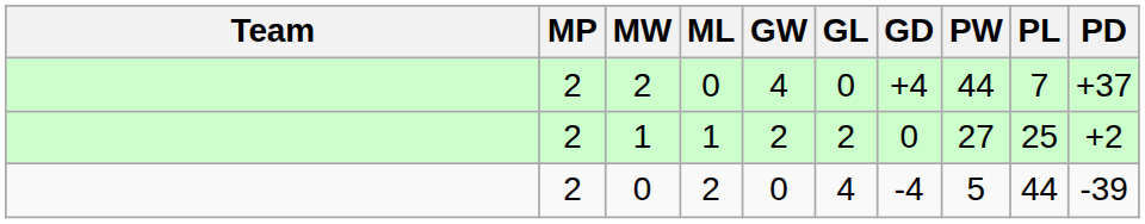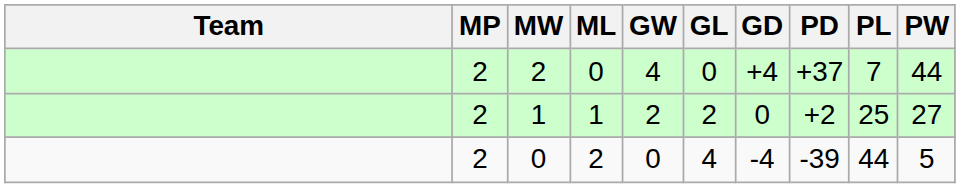 <table class=wikitable style="text-align:center">
 <tr>
 <th width=250>Team</th>
 <th width=20>MP</th>
 <th width=20>MW</th>
 <th width=20>ML</th>
 <th width=20>GW</th>
 <th width=20>GL</th>
 <th width=20>GD</th>
+<th width=20>PD</th>
+<th width=20>PL</th>
 <th width=20>PW</th>
-<th width=20>PL</th>
-<th width=20>PD</th>
 </tr>
 <tr style="background:#cfc;">
 <td align=left><br></td>
 <td>2</td>
 <td>2</td>
 <td>0</td>
 <td>4</td>
 <td>0</td>
 <td>+4</td>
+<td>+37</td>
+<td>7</td>
 <td>44</td>
-<td>7</td>
-<td>+37</td>
 </tr>
 <tr style="background:#cfc;">
 <td align=left><br></td>
 <td>2</td>
 <td>1</td>
 <td>1</td>
 <td>2</td>
 <td>2</td>
 <td>0</td>
+<td>+2</td>
+<td>25</td>
 <td>27</td>
-<td>25</td>
-<td>+2</td>
 </tr>
 <tr>
 <td align=left><br></td>
 <td>2</td>
 <td>0</td>
 <td>2</td>
 <td>0</td>
 <td>4</td>
 <td>-4</td>
+<td>-39</td>
+<td>44</td>
 <td>5</td>
-<td>44</td>
-<td>-39</td>
 </tr>
 </table>
